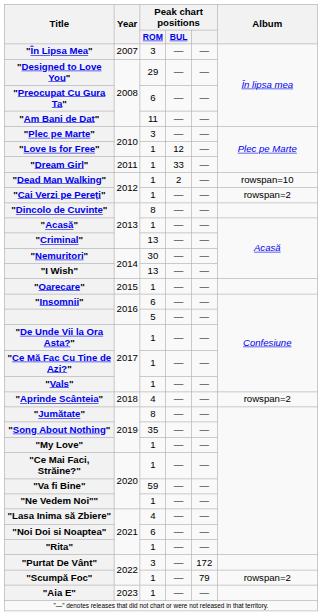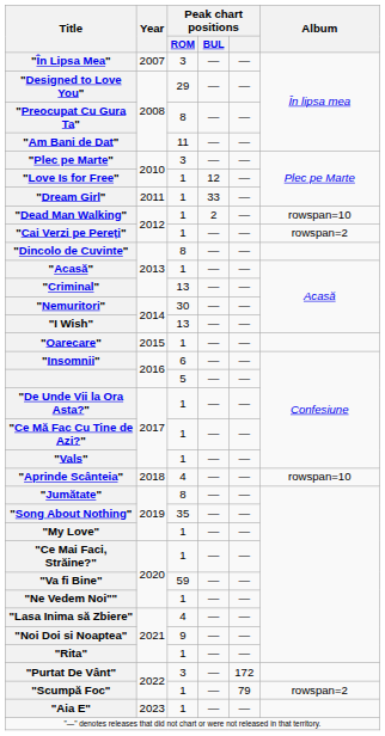 <table class="wikitable plainrowheaders" style="text-align:center;">
 <tr>
 <th scope="col" rowspan="2" style="width:11em;">Title</th>
 <th scope="col" rowspan="2">Year</th>
 <th scope="col" colspan="3">Peak chart positions</th>
 <th scope="col" rowspan="2" style="width:10em;">Album</th>
 </tr>
 <tr>
 <th scope="col" style="width:2.5em;font-size:90%;"><a href='#'>ROM</a><br></th>
 <th scope="col" style="width:2.5em;font-size:90%;"><a href='#'>BUL</a><br></th>
 <th scope="col" style="width:2.5em;font-size:90%;"><a href='#'></a><br></th>
 </tr>
 <tr>
 <th scope="row">"<a href='#'>În Lipsa Mea</a>"<br></th>
 <td>2007</td>
 <td>3</td>
 <td>—</td>
 <td>—</td>
 <td rowspan=4><em><a href='#'>În lipsa mea</a></em></td>
 </tr>
 <tr>
 <th scope="row">"<a href='#'>Designed to Love You</a>"</th>
 <td rowspan=3>2008</td>
 <td>29</td>
 <td>—</td>
 <td>—</td>
 </tr>
 <tr>
 <th scope="row">"<a href='#'>Preocupat Cu Gura Ta</a>"</th>
-<td>6</td>
+<td>8</td>
 <td>—</td>
 <td>—</td>
 </tr>
 <tr>
 <th scope="row">"<a href='#'>Am Bani de Dat</a>"<br></th>
 <td>11</td>
 <td>—</td>
 <td>—</td>
 </tr>
 <tr>
 <th scope="row">"<a href='#'>Plec pe Marte</a>"<br></th>
 <td rowspan=2>2010</td>
 <td>3</td>
 <td>—</td>
 <td>—</td>
 <td rowspan=3><em><a href='#'>Plec pe Marte</a></em></td>
 </tr>
 <tr>
 <th scope="row">"<a href='#'>Love Is for Free</a>"<br></th>
 <td>1</td>
 <td>12</td>
 <td>—</td>
 </tr>
 <tr>
 <th scope="row">"<a href='#'>Dream Girl</a>"</th>
 <td>2011</td>
 <td>1</td>
 <td>33</td>
 <td>—</td>
 </tr>
 <tr>
 <th scope="row">"<a href='#'>Dead Man Walking</a>"</th>
 <td rowspan=2>2012</td>
 <td>1</td>
 <td>2</td>
 <td>—</td>
 <td>rowspan=10 </td>
 </tr>
 <tr>
 <th scope="row">"<a href='#'>Cai Verzi pe Pereți</a>"<br></th>
 <td>1</td>
 <td>—</td>
 <td>—</td>
 <td>rowspan=2 </td>
 </tr>
 <tr>
 <th scope="row">"<a href='#'>Dincolo de Cuvinte</a>"<br></th>
 <td rowspan=3>2013</td>
 <td>8</td>
 <td>—</td>
 <td>—</td>
 </tr>
 <tr>
 <th scope="row">"<a href='#'>Acasă</a>"</th>
 <td>1</td>
 <td>—</td>
 <td>—</td>
 <td rowspan=4><em><a href='#'>Acasă</a></em></td>
 </tr>
 <tr>
 <th scope="row">"<a href='#'>Criminal</a>"<br></th>
 <td>13</td>
 <td>—</td>
 <td>—</td>
 </tr>
 <tr>
 <th scope="row">"<a href='#'>Nemuritori</a>"</th>
 <td rowspan=2>2014</td>
 <td>30</td>
 <td>—</td>
 <td>—</td>
 </tr>
 <tr>
 <th scope="row">"I Wish"</th>
 <td>13</td>
 <td>—</td>
 <td>—</td>
 </tr>
 <tr>
 <th scope="row">"<a href='#'>Oarecare</a>"</th>
 <td>2015</td>
 <td>1</td>
 <td>—</td>
 <td>—</td>
 <td></td>
 </tr>
 <tr>
 <th scope="row">"<a href='#'>Insomnii</a>"</th>
 <td rowspan=2>2016</td>
 <td>6</td>
 <td>—</td>
 <td>—</td>
 <td rowspan=5><em><a href='#'>Confesiune</a></em></td>
 </tr>
 <tr>
 <th scope="row"></th>
 <td>5</td>
 <td>—</td>
 <td>—</td>
 </tr>
 <tr>
 <th scope="row">"<a href='#'>De Unde Vii la Ora Asta?</a>"</th>
 <td rowspan=3>2017</td>
 <td>1</td>
 <td>—</td>
 <td>—</td>
 </tr>
 <tr>
 <th scope="row">"<a href='#'>Ce Mă Fac Cu Tine de Azi?</a>"<br></th>
 <td>1</td>
 <td>—</td>
 <td>—</td>
 </tr>
 <tr>
 <th scope="row">"<a href='#'>Vals</a>"<br></th>
 <td>1</td>
 <td>—</td>
 <td>—</td>
 </tr>
 <tr>
 <th scope="row">"<a href='#'>Aprinde Scânteia</a>"<br></th>
 <td>2018</td>
 <td>4</td>
 <td>—</td>
 <td>—</td>
-<td>rowspan=2 </td>
+<td>rowspan=10 </td>
 </tr>
 <tr>
 <th scope="row">"<a href='#'>Jumătate</a>"<br></th>
 <td rowspan=3>2019</td>
 <td>8</td>
 <td>—</td>
 <td>—</td>
 </tr>
 <tr>
 <th scope="row">"<a href='#'>Song About Nothing</a>"</th>
 <td>35</td>
 <td>—</td>
 <td>—</td>
 </tr>
 <tr>
 <th scope="row">"My Love"</th>
 <td>1</td>
 <td>—</td>
 <td>—</td>
 </tr>
 <tr>
 <th scope="row">"Ce Mai Faci, Străine?"</th>
 <td rowspan=3>2020</td>
 <td>1</td>
 <td>—</td>
 <td>—</td>
 </tr>
 <tr>
 <th scope="row">"Va fi Bine"</th>
 <td>59</td>
 <td>—</td>
 <td>—</td>
 </tr>
 <tr>
 <th scope="row">"Ne Vedem Noi""<br></th>
 <td>1</td>
 <td>—</td>
 <td>—</td>
 </tr>
 <tr>
 <th scope="row">"Lasa Inima să Zbiere"<br></th>
 <td rowspan=3>2021</td>
 <td>4</td>
 <td>—</td>
 <td>—</td>
 </tr>
 <tr>
 <th scope="row">"Noi Doi si Noaptea"</th>
-<td>6</td>
+<td>9</td>
 <td>—</td>
 <td>—</td>
 </tr>
 <tr>
 <th scope="row">"Rita"<br></th>
 <td>1</td>
 <td>—</td>
 <td>—</td>
 </tr>
 <tr>
 <th scope="row">"Purtat De Vânt"</th>
 <td rowspan=2>2022</td>
 <td>3</td>
 <td>—</td>
 <td>172</td>
 <td></td>
 </tr>
 <tr>
 <th scope="row">"Scumpă Foc"<br></th>
 <td>1</td>
 <td>—</td>
 <td>79</td>
 <td>rowspan=2 </td>
 </tr>
 <tr>
 <th scope="row">"Aia E"</th>
 <td>2023</td>
 <td>1</td>
 <td>—</td>
 <td>—</td>
 </tr>
 <tr>
 <td align="center" colspan="15" style="font-size:8pt">"—" denotes releases that did not chart or were not released in that territory.</td>
 </tr>
 </table>
